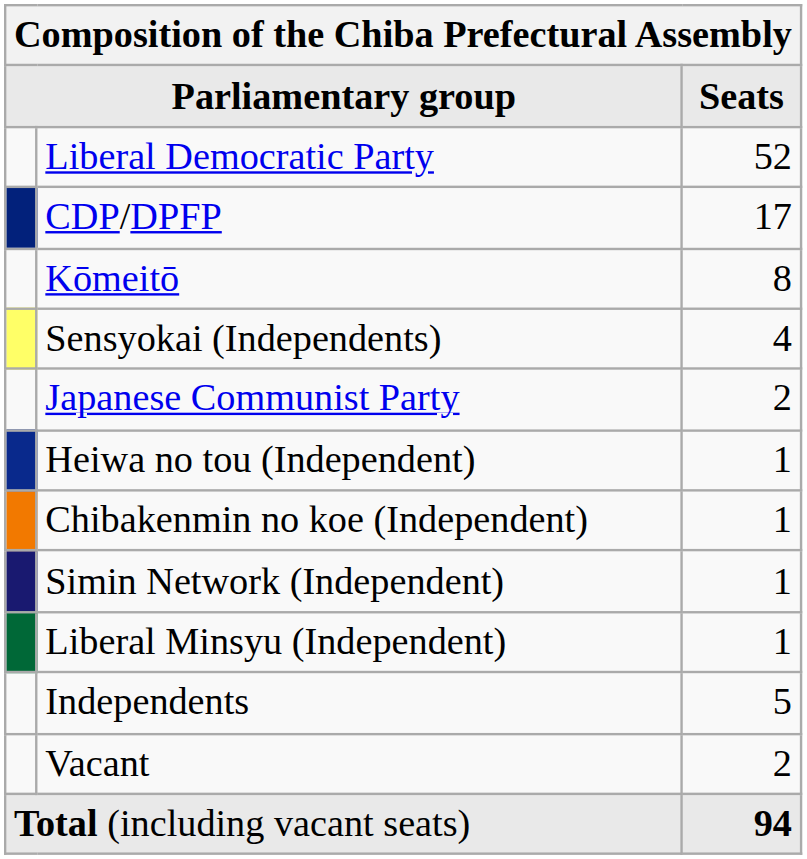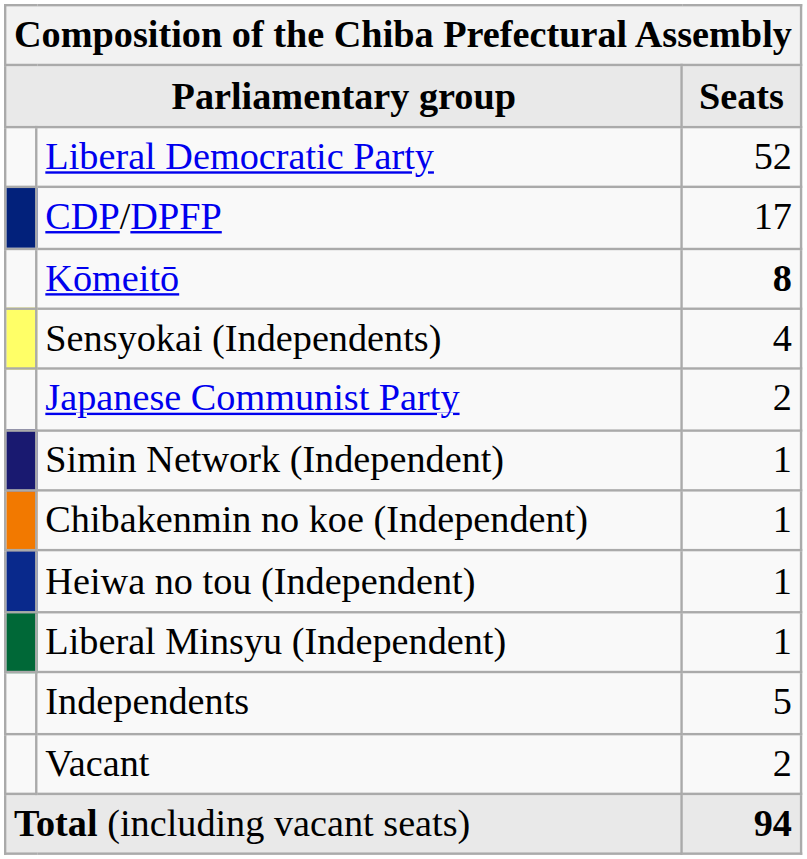 <table class="wikitable">
 <tr>
 <th colspan="3">Composition of the Chiba Prefectural Assembly</th>
 </tr>
 <tr>
 <th colspan="2" style="background-color:#E9E9E9" align=left>Parliamentary group</th>
 <th style="background-color:#E9E9E9" align=right>Seats</th>
 </tr>
 <tr>
 <td style="background:"></td>
 <td align=left><a href='#'>Liberal Democratic Party</a></td>
 <td align="right">52</td>
 </tr>
 <tr>
 <td style="background:#02217b;"></td>
 <td align=left><a href='#'>CDP</a>/<a href='#'>DPFP</a></td>
 <td align="right">17</td>
 </tr>
 <tr>
 <td style="background:"></td>
 <td align=left><a href='#'>Kōmeitō</a></td>
-<td align="right">8</td>
+<td align="right"><strong>8</strong></td>
 </tr>
 <tr>
 <td style="background:#FFFF67;"></td>
 <td align=left>Sensyokai (Independents)</td>
 <td align="right">4</td>
 </tr>
 <tr>
 <td style="background:"></td>
 <td align=left><a href='#'>Japanese Communist Party</a></td>
 <td align="right">2</td>
 </tr>
 <tr>
-<td style="background:#09298C;"></td>
-<td align=left>Heiwa no tou (Independent)</td>
+<td style="background:#191970;"></td>
+<td align=left>Simin Network (Independent)</td>
 <td align="right">1</td>
 </tr>
 <tr>
 <td style="background:#F27900;"></td>
 <td align=left>Chibakenmin no koe (Independent)</td>
 <td align="right">1</td>
 </tr>
 <tr>
-<td style="background:#191970;"></td>
-<td align=left>Simin Network (Independent)</td>
+<td style="background:#09298C;"></td>
+<td align=left>Heiwa no tou (Independent)</td>
 <td align="right">1</td>
 </tr>
 <tr>
 <td style="background:#006837;"></td>
 <td align=left>Liberal Minsyu (Independent)</td>
 <td align="right">1</td>
 </tr>
 <tr>
 <td> </td>
 <td align=left>Independents</td>
 <td align="right">5</td>
 </tr>
 <tr>
 <td> </td>
 <td align=left>Vacant</td>
 <td align="right">2</td>
 </tr>
 <tr>
 <td colspan="2" align=left style="background-color:#E9E9E9" align=left><strong>Total</strong> (including vacant seats)</td>
 <td style="background-color:#E9E9E9" align=right><strong>94</strong></td>
 </tr>
 </table>
